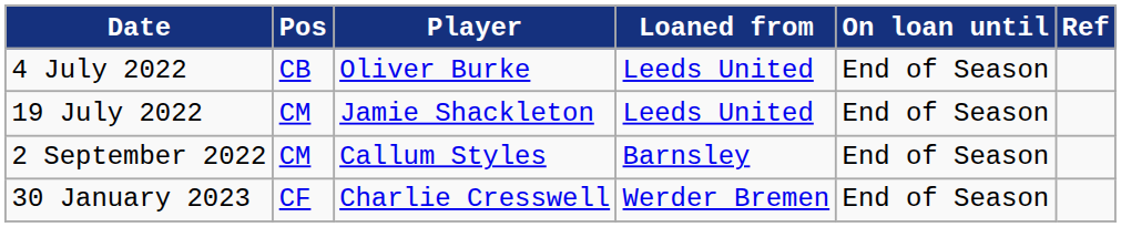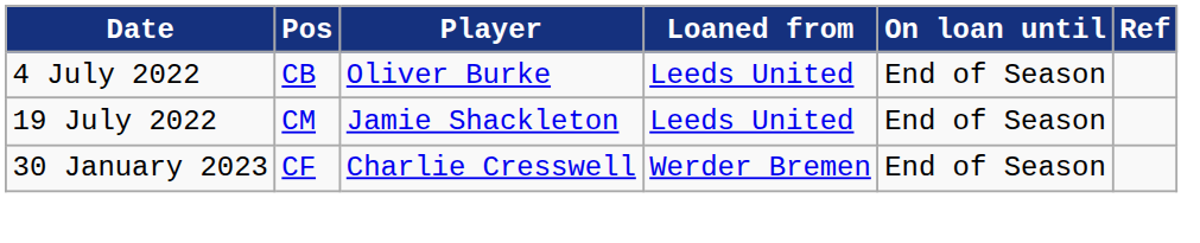 <table class="wikitable plainrowheaders sortable">
 <tr>
 <th style="background:#15317E; color:#ffffff; ">Date</th>
 <th style="background:#15317E; color:#ffffff; ">Pos</th>
 <th style="background:#15317E; color:#ffffff; ">Player</th>
 <th style="background:#15317E; color:#ffffff; ">Loaned from</th>
 <th style="background:#15317E; color:#ffffff; ">On loan until</th>
 <th style="background:#15317E; color:#ffffff; ">Ref</th>
 </tr>
 <tr>
 <td>4 July 2022</td>
 <td><a href='#'>CB</a></td>
 <td> <a href='#'>Oliver Burke</a></td>
 <td> <a href='#'>Leeds United</a></td>
 <td>End of Season</td>
 <td></td>
 </tr>
 <tr>
 <td>19 July 2022</td>
 <td><a href='#'>CM</a></td>
 <td> <a href='#'>Jamie Shackleton</a></td>
 <td> <a href='#'>Leeds United</a></td>
 <td>End of Season</td>
 <td></td>
 </tr>
 <tr>
-<td>2 September 2022</td>
-<td><a href='#'>CM</a></td>
-<td> <a href='#'>Callum Styles</a></td>
-<td> <a href='#'>Barnsley</a></td>
-<td>End of Season</td>
-<td></td>
-</tr>
-<tr>
 <td>30 January 2023</td>
 <td><a href='#'>CF</a></td>
 <td> <a href='#'>Charlie Cresswell</a></td>
 <td> <a href='#'>Werder Bremen</a></td>
 <td>End of Season</td>
 <td></td>
 </tr>
 </table>
